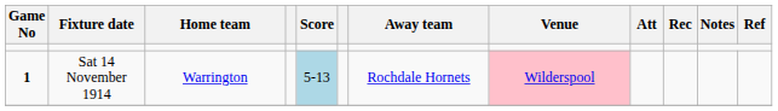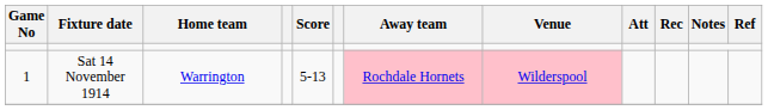 <table class="wikitable" style="text-align:center;">
 <tr>
 <th width=20 abbr="No">Game No</th>
 <th width=100 abbr="Date">Fixture date</th>
 <th width=150 abbr="Home team">Home team</th>
 <th width=5 abbr="space"></th>
 <th width=20 abbr="Score">Score</th>
 <th width=5 abbr="space"></th>
 <th width=150 abbr="Away team">Away team</th>
 <th width=150 abbr="Venue">Venue</th>
 <th width=30 abbr="Att">Att</th>
 <th width=30 abbr="Rec">Rec</th>
 <th width=20 abbr="Notes">Notes</th>
 <th width=30 abbr="Ref">Ref</th>
 </tr>
 <tr>
 <td></td>
 <td></td>
 <td></td>
 <td></td>
 <td></td>
 <td></td>
 <td></td>
 <td></td>
 <td></td>
 <td></td>
 </tr>
 <tr>
-<td><strong>1</strong></td>
+<td>1</td>
 <td>Sat 14 November 1914</td>
 <td><a href='#'>Warrington</a></td>
 <td></td>
-<td style="background: lightblue;">5-13</td>
+<td>5-13</td>
 <td></td>
-<td><a href='#'>Rochdale Hornets</a></td>
+<td style="background: pink;"><a href='#'>Rochdale Hornets</a></td>
 <td style="background: pink;"><a href='#'>Wilderspool</a></td>
 <td></td>
 <td></td>
 <td></td>
 <td></td>
 </tr>
 <tr |2||Sat 14 November 1914||>
 </tr>
 </table>
